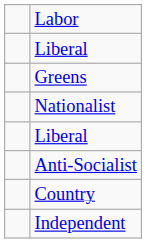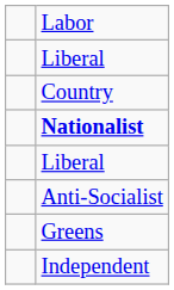 <table class="wikitable">
 <tr>
 <td width=15 > </td>
 <td><a href='#'>Labor</a></td>
 </tr>
 <tr>
 <td width=15 > </td>
 <td><a href='#'>Liberal</a></td>
 </tr>
 <tr>
 <td width=15 > </td>
-<td><a href='#'>Greens</a></td>
+<td><a href='#'>Country</a></td>
 </tr>
 <tr>
 <td width=15 > </td>
-<td><a href='#'>Nationalist</a></td>
+<td><strong><a href='#'>Nationalist</a></strong></td>
 </tr>
 <tr>
 <td width=15 > </td>
 <td><a href='#'>Liberal</a></td>
 </tr>
 <tr>
 <td width=15 > </td>
 <td><a href='#'>Anti-Socialist</a></td>
 </tr>
 <tr>
 <td width=15 > </td>
-<td><a href='#'>Country</a></td>
+<td><a href='#'>Greens</a></td>
 </tr>
 <tr>
 <td width=15 > </td>
 <td><a href='#'>Independent</a></td>
 </tr>
 </table>
